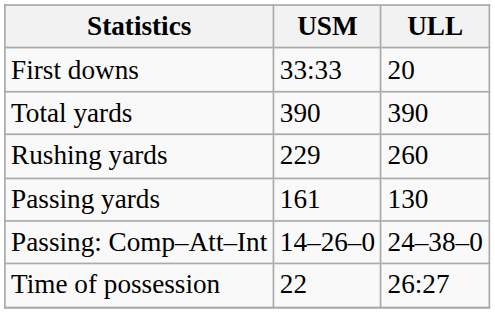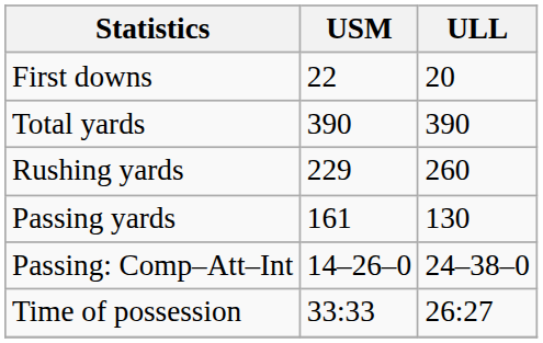 <table class="wikitable" style="float: left;">
 <tr>
 <th>Statistics</th>
 <th>USM</th>
 <th>ULL</th>
 </tr>
 <tr>
 <td>First downs</td>
-<td>33:33</td>
+<td>22</td>
 <td>20</td>
 </tr>
 <tr>
 <td>Total yards</td>
 <td>390</td>
 <td>390</td>
 </tr>
 <tr>
 <td>Rushing yards</td>
 <td>229</td>
 <td>260</td>
 </tr>
 <tr>
 <td>Passing yards</td>
 <td>161</td>
 <td>130</td>
 </tr>
 <tr>
 <td>Passing: Comp–Att–Int</td>
 <td>14–26–0</td>
 <td>24–38–0</td>
 </tr>
 <tr>
 <td>Time of possession</td>
-<td>22</td>
+<td>33:33</td>
 <td>26:27</td>
 </tr>
 <tr>
 </tr>
 </table>
